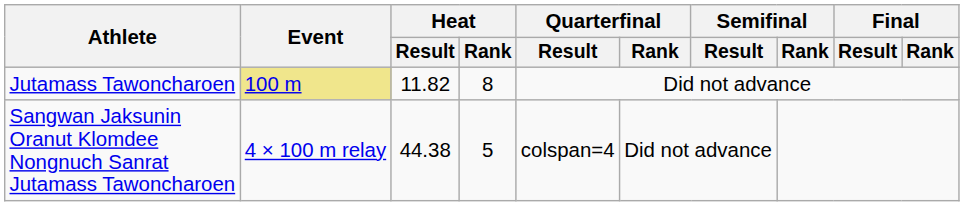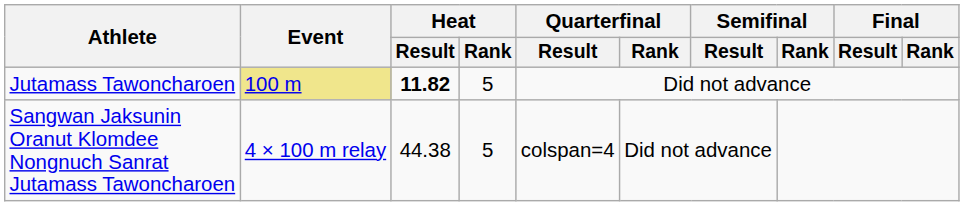 <table class=wikitable style="font-size:90%">
 <tr>
 <th rowspan="2">Athlete</th>
 <th rowspan="2">Event</th>
 <th colspan="2">Heat</th>
 <th colspan="2">Quarterfinal</th>
 <th colspan="2">Semifinal</th>
 <th colspan="2">Final</th>
 </tr>
 <tr style="font-size:95%">
 <th>Result</th>
 <th>Rank</th>
 <th>Result</th>
 <th>Rank</th>
 <th>Result</th>
 <th>Rank</th>
 <th>Result</th>
 <th>Rank</th>
 </tr>
 <tr align=center>
 <td align=left><a href='#'>Jutamass Tawoncharoen</a></td>
 <td align=left style="background: khaki;"><a href='#'>100 m</a></td>
-<td>11.82</td>
-<td>8</td>
+<td><strong>11.82</strong></td>
+<td>5</td>
 <td colspan=6>Did not advance</td>
 </tr>
 <tr align=center>
 <td align=left><a href='#'>Sangwan Jaksunin</a><br><a href='#'>Oranut Klomdee</a><br><a href='#'>Nongnuch Sanrat</a><br><a href='#'>Jutamass Tawoncharoen</a></td>
 <td align=left><a href='#'>4 × 100 m relay</a></td>
 <td>44.38</td>
 <td>5</td>
 <td>colspan=4 </td>
 <td colspan=2>Did not advance</td>
 </tr>
 </table>
